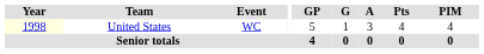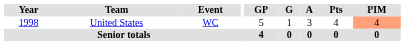 <table border="0" cellpadding="1" cellspacing="0" ID="Table3" style="text-align:center; width:40em">
 <tr bgcolor="#e0e0e0">
 <th>Year</th>
 <th>Team</th>
 <th>Event</th>
 <th rowspan="102" bgcolor="#ffffff"></th>
 <th>GP</th>
 <th>G</th>
 <th>A</th>
 <th>Pts</th>
 <th>PIM</th>
 </tr>
 <tr>
-<td style="background: lightyellow;"><a href='#'>1998</a></td>
+<td><a href='#'>1998</a></td>
 <td><a href='#'>United States</a></td>
 <td><a href='#'>WC</a></td>
 <td>5</td>
 <td>1</td>
 <td>3</td>
 <td>4</td>
-<td>4</td>
+<td style="background: lightsalmon;">4</td>
 </tr>
 <tr bgcolor="#e0e0e0">
 <th colspan="4">Senior totals</th>
 <th>4</th>
 <th>0</th>
 <th>0</th>
 <th>0</th>
 <th>0</th>
 </tr>
 </table>
